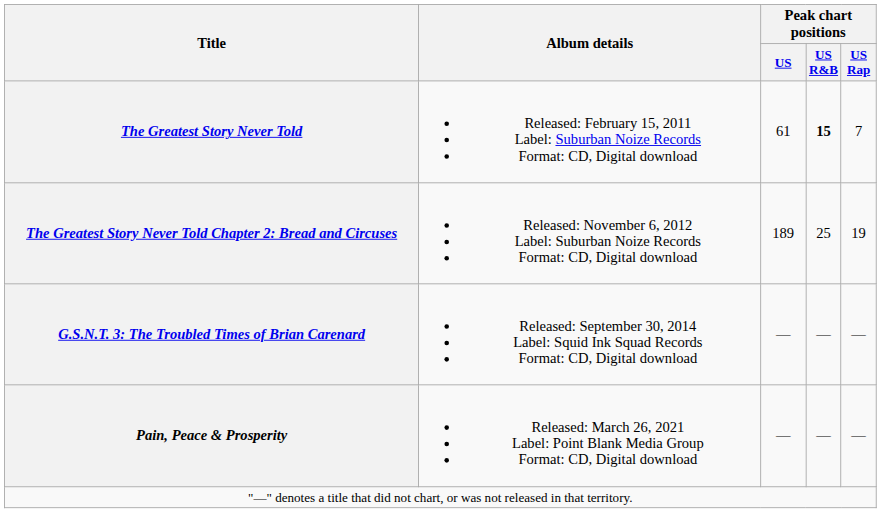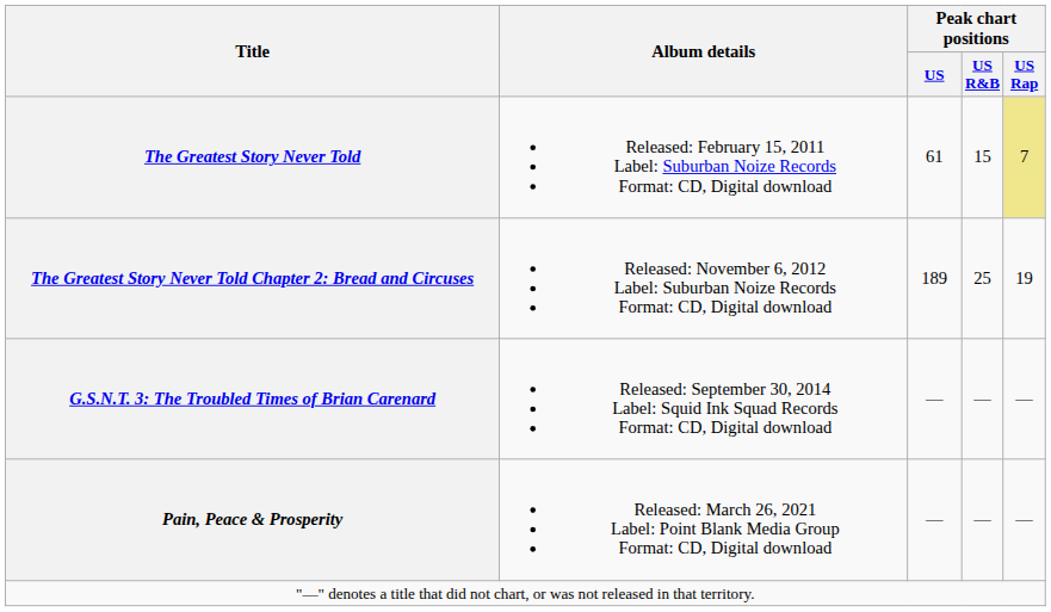 <table class="wikitable plainrowheaders" style="text-align:center;">
 <tr>
 <th scope="col" rowspan="2" style="width:28em;">Title</th>
 <th scope="col" rowspan="2" style="width:23em;">Album details</th>
 <th scope="col" colspan="4">Peak chart positions</th>
 </tr>
 <tr>
 <th scope="col" style="width:3em;font-size:90%;"><a href='#'>US</a><br></th>
 <th scope="col" style="width:2.2em;font-size:90%;"><a href='#'>US R&B</a><br></th>
 <th scope="col" style="width:2.2em;font-size:90%;"><a href='#'>US Rap</a><br></th>
 </tr>
 <tr>
 <th scope="row"><em><a href='#'>The Greatest Story Never Told</a></em></th>
 <td><br><ul><li>Released: February 15, 2011</li><li>Label: <a href='#'>Suburban Noize Records</a></li><li>Format: CD, Digital download</li></ul></td>
 <td>61</td>
-<td><strong>15</strong></td>
-<td>7</td>
+<td>15</td>
+<td style="background: khaki;">7</td>
 </tr>
 <tr>
 <th scope="row"><em><a href='#'>The Greatest Story Never Told Chapter 2: Bread and Circuses</a></em></th>
 <td><br><ul><li>Released: November 6, 2012</li><li>Label: Suburban Noize Records</li><li>Format: CD, Digital download</li></ul></td>
 <td>189</td>
 <td>25</td>
 <td>19</td>
 </tr>
 <tr>
 <th scope="row"><em><a href='#'>G.S.N.T. 3: The Troubled Times of Brian Carenard</a></em></th>
 <td><br><ul><li>Released: September 30, 2014</li><li>Label: Squid Ink Squad Records</li><li>Format: CD, Digital download</li></ul></td>
 <td>—</td>
 <td>—</td>
 <td>—</td>
 </tr>
 <tr>
 <th scope="row"><em>Pain, Peace & Prosperity</em></th>
 <td><br><ul><li>Released: March 26, 2021</li><li>Label: Point Blank Media Group</li><li>Format: CD, Digital download</li></ul></td>
 <td>—</td>
 <td>—</td>
 <td>—</td>
 </tr>
 <tr>
 <td colspan="14" style="font-size:90%">"—" denotes a title that did not chart, or was not released in that territory.</td>
 </tr>
 </table>
